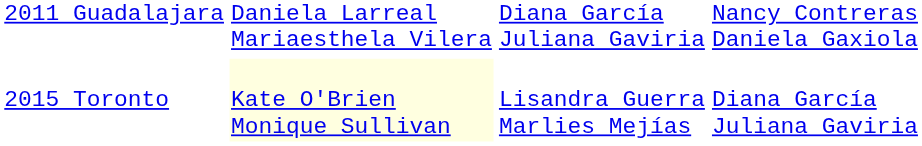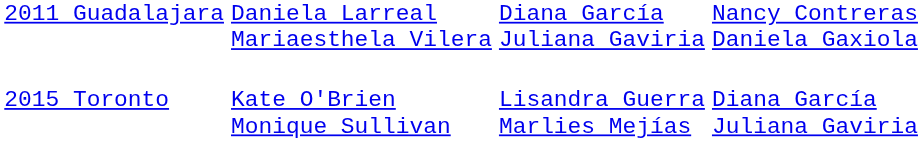 <table>
 <tr>
 <td><a href='#'>2011 Guadalajara</a><br></td>
 <td><br><a href='#'>Daniela Larreal</a><br><a href='#'>Mariaesthela Vilera</a></td>
 <td><br><a href='#'>Diana García</a><br><a href='#'>Juliana Gaviria</a></td>
 <td><br><a href='#'>Nancy Contreras</a><br><a href='#'>Daniela Gaxiola</a></td>
 </tr>
 <tr>
 <td><a href='#'>2015 Toronto</a><br></td>
-<td style="background: lightyellow;"><br><a href='#'>Kate O'Brien</a><br><a href='#'>Monique Sullivan</a></td>
+<td><br><a href='#'>Kate O'Brien</a><br><a href='#'>Monique Sullivan</a></td>
 <td><br><a href='#'>Lisandra Guerra</a><br><a href='#'>Marlies Mejías</a></td>
 <td><br><a href='#'>Diana García</a><br><a href='#'>Juliana Gaviria</a></td>
 </tr>
 </table>
